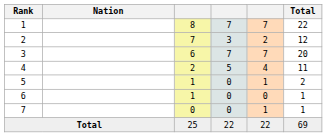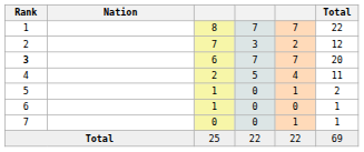 <table class=wikitable width=35% cellspacing="1" cellpadding="3" style="border:1px solid #AAAAAA;font-size:90%">
 <tr bgcolor="#EFEFEF">
 <th width=50>Rank</th>
 <th width=200>Nation</th>
 <th width=50></th>
 <th width=50></th>
 <th width=50></th>
 <th width=50>Total</th>
 </tr>
 <tr align="center" valign="top" bgcolor="#FFFFFF">
 <td rowspan="1" valign="center">1</td>
 <td align="left"></td>
 <td style="background:#F7F6A8;">8</td>
 <td style="background:#DCE5E5;">7</td>
 <td style="background:#FFDAB9;">7</td>
 <td>22</td>
 </tr>
 <tr align="center" valign="top" bgcolor="#FFFFFF">
 <td rowspan="1" valign="center">2</td>
 <td align="left"></td>
 <td style="background:#F7F6A8;">7</td>
 <td style="background:#DCE5E5;">3</td>
 <td style="background:#FFDAB9;">2</td>
 <td>12</td>
 </tr>
 <tr align="center" valign="top" bgcolor="#FFFFFF">
-<td rowspan="1" valign="center">3</td>
+<td rowspan="1" valign="center"><strong>3</strong></td>
 <td align="left"></td>
 <td style="background:#F7F6A8;">6</td>
 <td style="background:#DCE5E5;">7</td>
 <td style="background:#FFDAB9;">7</td>
 <td>20</td>
 </tr>
 <tr align="center" valign="top" bgcolor="#FFFFFF">
 <td rowspan="1" valign="center">4</td>
 <td align="left"></td>
 <td style="background:#F7F6A8;">2</td>
 <td style="background:#DCE5E5;">5</td>
 <td style="background:#FFDAB9;">4</td>
 <td>11</td>
 </tr>
 <tr align="center" valign="top" bgcolor="#FFFFFF">
 <td rowspan="1" valign="center">5</td>
 <td align="left"></td>
 <td style="background:#F7F6A8;">1</td>
 <td style="background:#DCE5E5;">0</td>
 <td style="background:#FFDAB9;">1</td>
 <td>2</td>
 </tr>
 <tr align="center" valign="top" bgcolor="#FFFFFF">
 <td rowspan="1" valign="center">6</td>
 <td align="left"></td>
 <td style="background:#F7F6A8;">1</td>
 <td style="background:#DCE5E5;">0</td>
 <td style="background:#FFDAB9;">0</td>
 <td>1</td>
 </tr>
 <tr align="center" valign="top" bgcolor="#FFFFFF">
 <td rowspan="1" valign="center">7</td>
 <td align="left"></td>
 <td style="background:#F7F6A8;">0</td>
 <td style="background:#DCE5E5;">0</td>
 <td style="background:#FFDAB9;">1</td>
 <td>1</td>
 </tr>
 <tr align="center" valign="top" bgcolor="#EFEFEF">
 <td colspan="2" rowspan="1" valign="center"><strong>Total</strong></td>
 <td>25</td>
 <td>22</td>
 <td>22</td>
 <td>69</td>
 </tr>
 </table>
